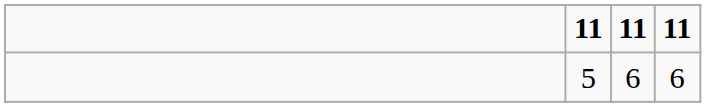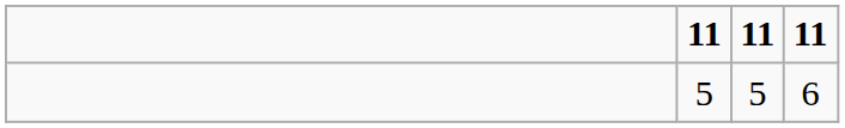 <table class="wikitable">
 <tr>
 <td style="width:18em"></td>
 <td align=center style="width:1em"><strong>11</strong></td>
 <td align=center style="width:1em"><strong>11</strong></td>
 <td align=center style="width:1em"><strong>11</strong></td>
 </tr>
 <tr>
 <td style="width:18em"></td>
 <td align=center style="width:1em">5</td>
-<td align=center style="width:1em">6</td>
+<td align=center style="width:1em">5</td>
 <td align=center style="width:1em">6</td>
 </tr>
 </table>
